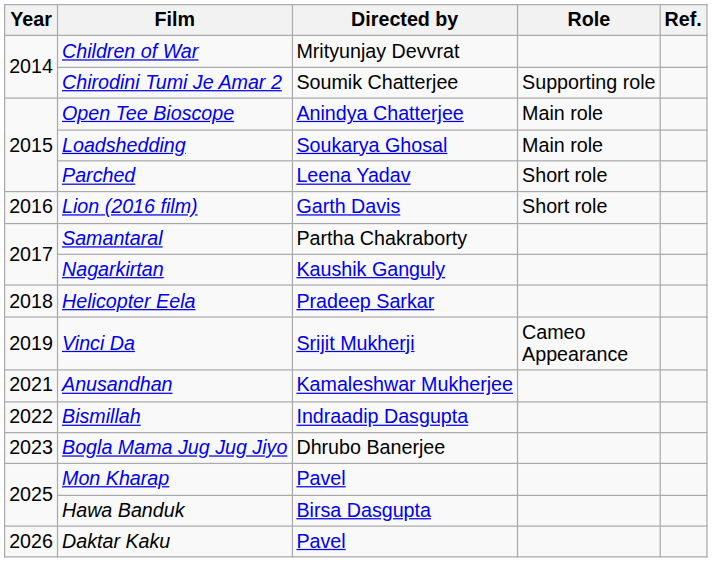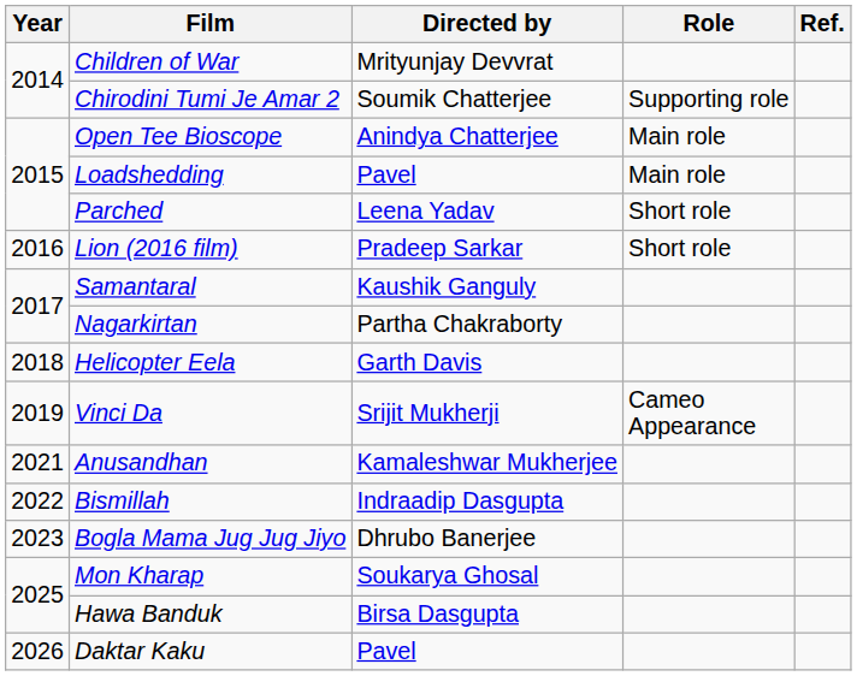 <table class="wikitable">
 <tr>
 <th>Year</th>
 <th>Film</th>
 <th>Directed by</th>
 <th>Role</th>
 <th>Ref.</th>
 </tr>
 <tr>
 <td rowspan="2">2014</td>
 <td><a href='#'><em>Children of War</em></a></td>
 <td>Mrityunjay Devvrat</td>
 <td></td>
 <td></td>
 </tr>
 <tr>
 <td><em><a href='#'>Chirodini Tumi Je Amar 2</a></em></td>
 <td>Soumik Chatterjee</td>
 <td>Supporting role</td>
 <td></td>
 </tr>
 <tr>
 <td rowspan="3">2015</td>
 <td><em><a href='#'>Open Tee Bioscope</a></em></td>
 <td><a href='#'>Anindya Chatterjee</a></td>
 <td>Main role</td>
 <td></td>
 </tr>
 <tr>
 <td><em><a href='#'>Loadshedding</a></em></td>
-<td><a href='#'>Soukarya Ghosal</a></td>
+<td><a href='#'>Pavel</a></td>
 <td>Main role</td>
 <td></td>
 </tr>
 <tr>
 <td><em><a href='#'>Parched</a></em></td>
 <td><a href='#'>Leena Yadav</a></td>
 <td>Short role</td>
 <td></td>
 </tr>
 <tr>
 <td>2016</td>
 <td><em><a href='#'>Lion (2016 film)</a></em></td>
-<td><a href='#'>Garth Davis</a></td>
+<td><a href='#'>Pradeep Sarkar</a></td>
 <td>Short role</td>
 <td></td>
 </tr>
 <tr>
 <td rowspan="2">2017</td>
 <td><em><a href='#'>Samantaral</a></em></td>
-<td>Partha Chakraborty</td>
+<td><a href='#'>Kaushik Ganguly</a></td>
 <td></td>
 <td></td>
 </tr>
 <tr>
 <td><em><a href='#'>Nagarkirtan</a></em></td>
-<td><a href='#'>Kaushik Ganguly</a></td>
+<td>Partha Chakraborty</td>
 <td></td>
 <td></td>
 </tr>
 <tr>
 <td>2018</td>
 <td><em><a href='#'>Helicopter Eela</a></em></td>
-<td><a href='#'>Pradeep Sarkar</a></td>
+<td><a href='#'>Garth Davis</a></td>
 <td></td>
 <td></td>
 </tr>
 <tr>
 <td>2019</td>
 <td><em><a href='#'>Vinci Da</a></em></td>
 <td><a href='#'>Srijit Mukherji</a></td>
 <td>Cameo<br>Appearance</td>
 <td></td>
 </tr>
 <tr>
 <td>2021</td>
 <td><a href='#'><em>Anusandhan</em></a></td>
 <td><a href='#'>Kamaleshwar Mukherjee</a></td>
 <td></td>
 <td></td>
 </tr>
 <tr>
 <td>2022</td>
 <td><em><a href='#'>Bismillah</a></em></td>
 <td><a href='#'>Indraadip Dasgupta</a></td>
 <td></td>
 <td></td>
 </tr>
 <tr>
 <td>2023</td>
 <td><em><a href='#'>Bogla Mama Jug Jug Jiyo</a></em></td>
 <td>Dhrubo Banerjee</td>
 <td></td>
 <td></td>
 </tr>
 <tr>
 <td rowspan="2">2025</td>
 <td><em><a href='#'>Mon Kharap</a></em></td>
-<td><a href='#'>Pavel</a></td>
+<td><a href='#'>Soukarya Ghosal</a></td>
 <td></td>
 <td></td>
 </tr>
 <tr>
 <td><em>Hawa Banduk</em></td>
 <td><a href='#'>Birsa Dasgupta</a></td>
 <td></td>
 <td></td>
 </tr>
 <tr>
 <td>2026</td>
 <td><em>Daktar Kaku</em></td>
 <td><a href='#'>Pavel</a></td>
 <td></td>
 <td></td>
 </tr>
 </table>
